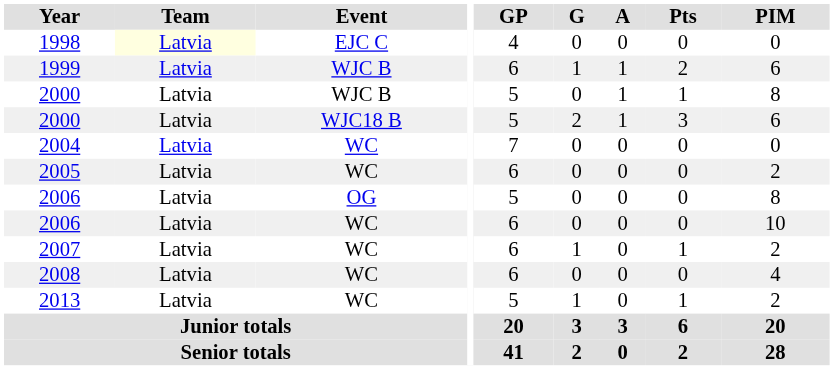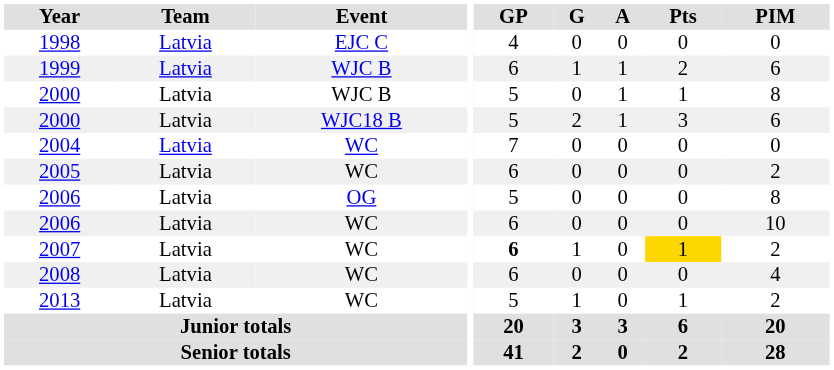 <table border="0" cellpadding="1" cellspacing="0" ID="Table3" style="text-align:center; width:40em">
 <tr ALIGN="center" bgcolor="#e0e0e0">
 <th>Year</th>
 <th>Team</th>
 <th>Event</th>
 <th rowspan="99" bgcolor="#ffffff"></th>
 <th>GP</th>
 <th>G</th>
 <th>A</th>
 <th>Pts</th>
 <th>PIM</th>
 </tr>
 <tr>
 <td><a href='#'>1998</a></td>
-<td style="background: lightyellow;"><a href='#'>Latvia</a></td>
+<td><a href='#'>Latvia</a></td>
 <td><a href='#'>EJC C</a></td>
 <td>4</td>
 <td>0</td>
 <td>0</td>
 <td>0</td>
 <td>0</td>
 </tr>
 <tr bgcolor="#f0f0f0">
 <td><a href='#'>1999</a></td>
 <td><a href='#'>Latvia</a></td>
 <td><a href='#'>WJC B</a></td>
 <td>6</td>
 <td>1</td>
 <td>1</td>
 <td>2</td>
 <td>6</td>
 </tr>
 <tr>
 <td><a href='#'>2000</a></td>
 <td>Latvia</td>
 <td>WJC B</td>
 <td>5</td>
 <td>0</td>
 <td>1</td>
 <td>1</td>
 <td>8</td>
 </tr>
 <tr bgcolor="#f0f0f0">
 <td><a href='#'>2000</a></td>
 <td>Latvia</td>
 <td><a href='#'>WJC18 B</a></td>
 <td>5</td>
 <td>2</td>
 <td>1</td>
 <td>3</td>
 <td>6</td>
 </tr>
 <tr>
 <td><a href='#'>2004</a></td>
 <td><a href='#'>Latvia</a></td>
 <td><a href='#'>WC</a></td>
 <td>7</td>
 <td>0</td>
 <td>0</td>
 <td>0</td>
 <td>0</td>
 </tr>
 <tr bgcolor="#f0f0f0">
 <td><a href='#'>2005</a></td>
 <td>Latvia</td>
 <td>WC</td>
 <td>6</td>
 <td>0</td>
 <td>0</td>
 <td>0</td>
 <td>2</td>
 </tr>
 <tr>
 <td><a href='#'>2006</a></td>
 <td>Latvia</td>
 <td><a href='#'>OG</a></td>
 <td>5</td>
 <td>0</td>
 <td>0</td>
 <td>0</td>
 <td>8</td>
 </tr>
 <tr bgcolor="#f0f0f0">
 <td><a href='#'>2006</a></td>
 <td>Latvia</td>
 <td>WC</td>
 <td>6</td>
 <td>0</td>
 <td>0</td>
 <td>0</td>
 <td>10</td>
 </tr>
 <tr>
 <td><a href='#'>2007</a></td>
 <td>Latvia</td>
 <td>WC</td>
-<td>6</td>
+<td><strong>6</strong></td>
 <td>1</td>
 <td>0</td>
-<td>1</td>
+<td style="background: gold;">1</td>
 <td>2</td>
 </tr>
 <tr bgcolor="#f0f0f0">
 <td><a href='#'>2008</a></td>
 <td>Latvia</td>
 <td>WC</td>
 <td>6</td>
 <td>0</td>
 <td>0</td>
 <td>0</td>
 <td>4</td>
 </tr>
 <tr>
 <td><a href='#'>2013</a></td>
 <td>Latvia</td>
 <td>WC</td>
 <td>5</td>
 <td>1</td>
 <td>0</td>
 <td>1</td>
 <td>2</td>
 </tr>
 <tr bgcolor="#e0e0e0">
 <th colspan="3">Junior totals</th>
 <th>20</th>
 <th>3</th>
 <th>3</th>
 <th>6</th>
 <th>20</th>
 </tr>
 <tr bgcolor="#e0e0e0">
 <th colspan="3">Senior totals</th>
 <th>41</th>
 <th>2</th>
 <th>0</th>
 <th>2</th>
 <th>28</th>
 </tr>
 </table>
